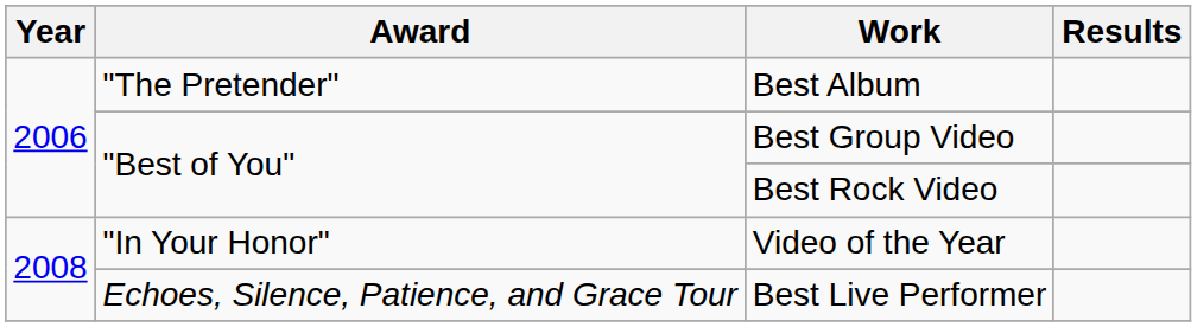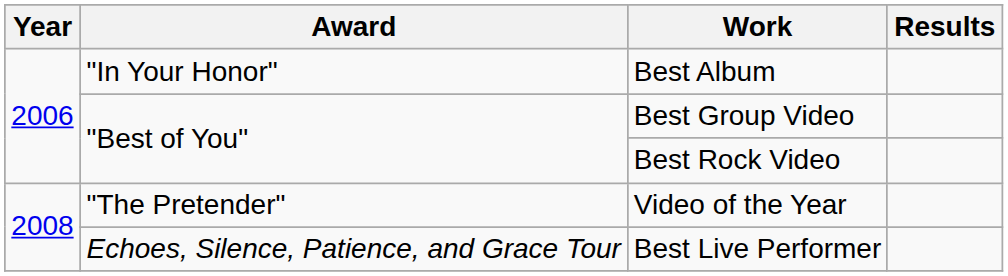 <table class="wikitable">
 <tr>
 <th>Year</th>
 <th>Award</th>
 <th>Work</th>
 <th>Results</th>
 </tr>
 <tr>
 <td rowspan="3"><a href='#'>2006</a></td>
-<td>"The Pretender"</td>
+<td>"In Your Honor"</td>
 <td>Best Album</td>
 <td></td>
 </tr>
 <tr>
 <td rowspan="2">"Best of You"</td>
 <td>Best Group Video</td>
 <td></td>
 </tr>
 <tr>
 <td>Best Rock Video</td>
 <td></td>
 </tr>
 <tr>
 <td rowspan="2"><a href='#'>2008</a></td>
-<td>"In Your Honor"</td>
+<td>"The Pretender"</td>
 <td>Video of the Year</td>
 <td></td>
 </tr>
 <tr>
 <td><em>Echoes, Silence, Patience, and Grace Tour</em></td>
 <td>Best Live Performer</td>
 <td></td>
 </tr>
 </table>
